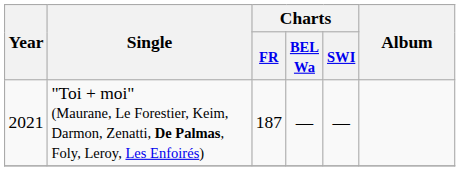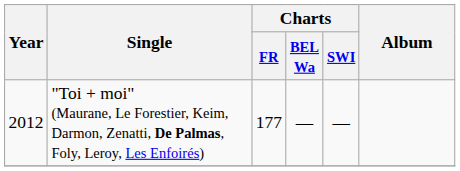 <table class="wikitable">
 <tr>
 <th align="center" rowspan="2" width="10">Year</th>
 <th align="center" rowspan="2" width="180">Single</th>
 <th align="center" colspan="3">Charts</th>
 <th align="center" rowspan="2" width="80">Album</th>
 </tr>
 <tr>
 <th width="20"><small><a href='#'>FR</a></small><br></th>
 <th width="20"><small><a href='#'>BEL <br>Wa</a></small><br></th>
 <th width="20"><small><a href='#'>SWI</a></small><br></th>
 </tr>
 <tr>
-<td align="center">2021</td>
+<td align="center">2012</td>
 <td>"Toi + moi" <br><small>(Maurane, Le Forestier, Keim, Darmon, Zenatti, <strong>De Palmas</strong>, Foly, Leroy, <a href='#'>Les Enfoirés</a>)</small></td>
-<td align="center">187</td>
+<td align="center">177</td>
 <td align="center">—</td>
 <td align="center">—</td>
 <td align="center"></td>
 </tr>
 <tr>
 </tr>
 </table>
